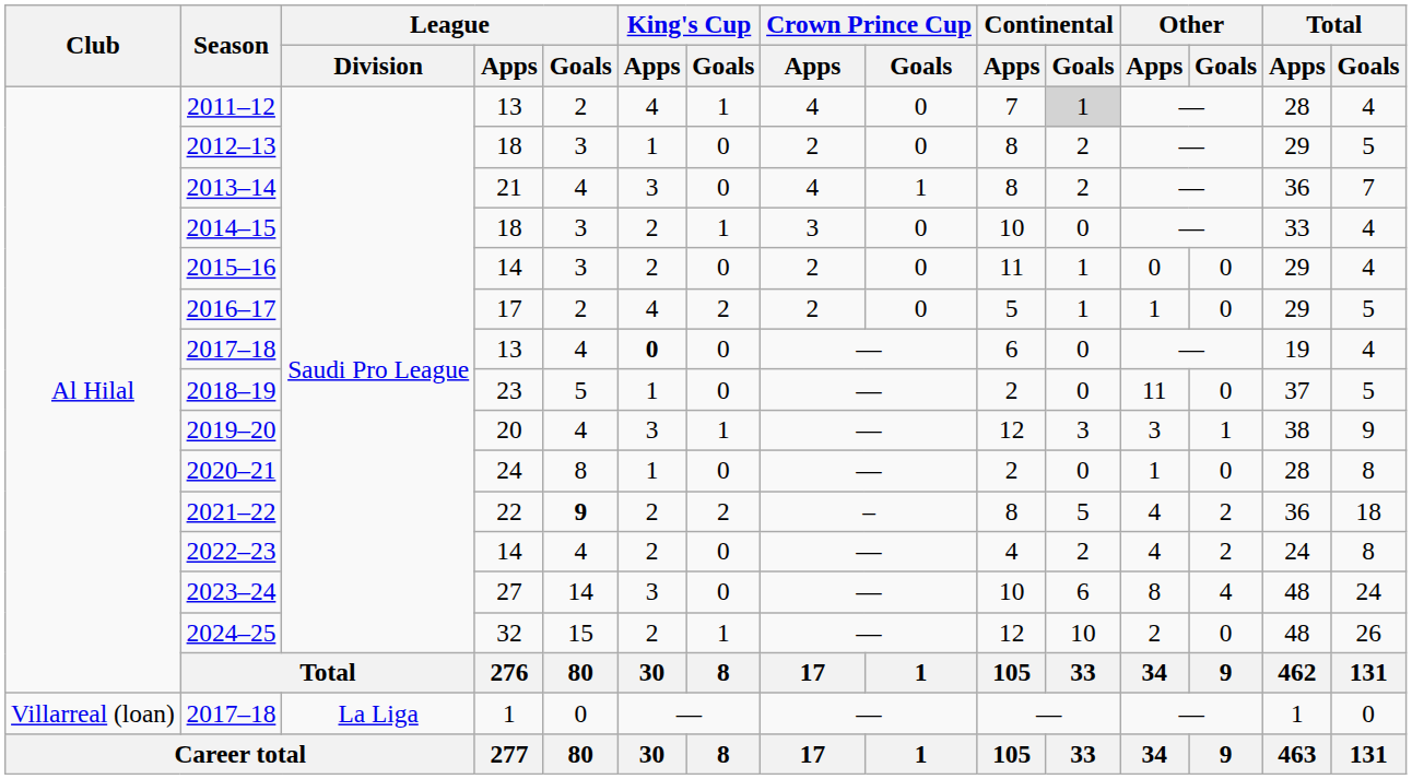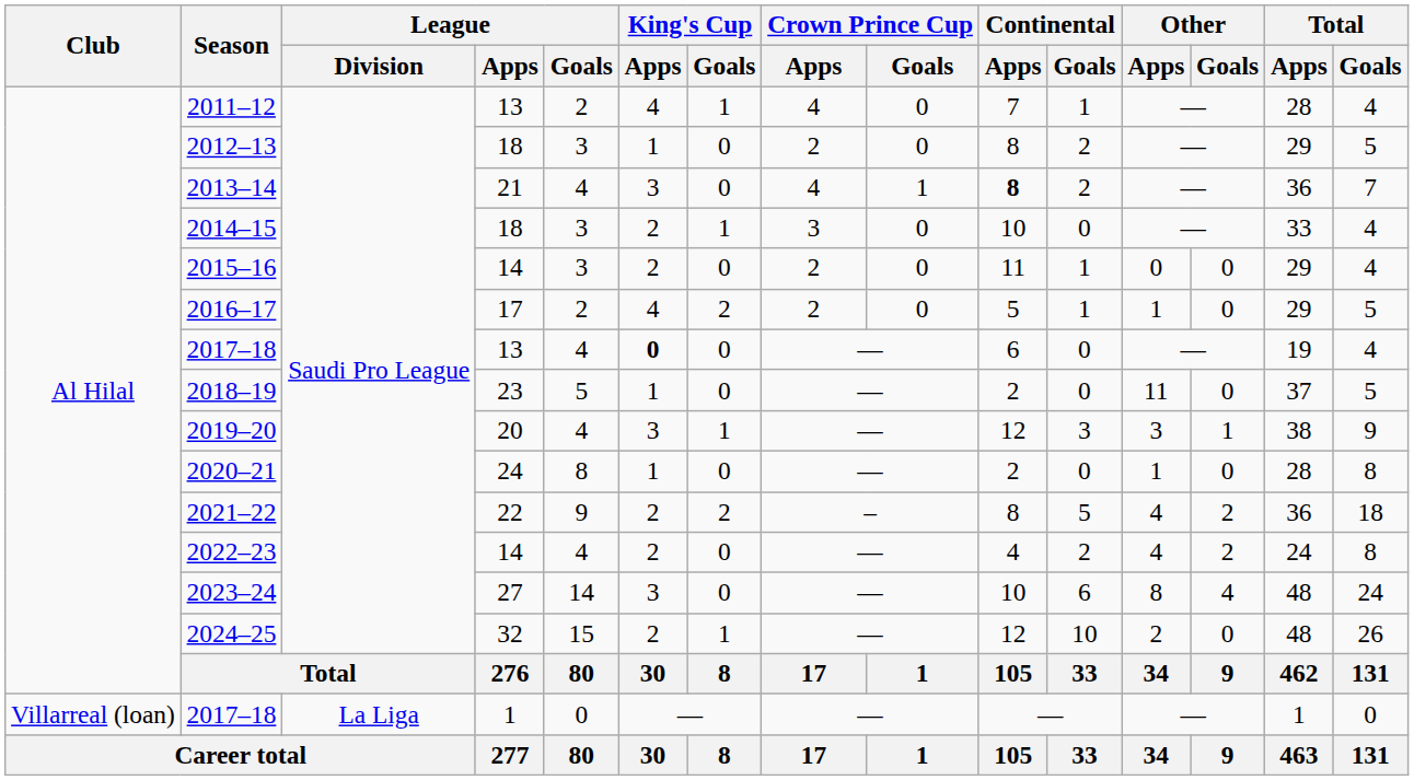 <table class="wikitable" style="text-align: center">
 <tr>
 <th rowspan=2>Club</th>
 <th rowspan=2>Season</th>
 <th colspan=3>League</th>
 <th colspan=2><a href='#'>King's Cup</a></th>
 <th colspan=2><a href='#'>Crown Prince Cup</a></th>
 <th colspan=2>Continental</th>
 <th colspan=2>Other</th>
 <th colspan=2>Total</th>
 </tr>
 <tr>
 <th>Division</th>
 <th>Apps</th>
 <th>Goals</th>
 <th>Apps</th>
 <th>Goals</th>
 <th>Apps</th>
 <th>Goals</th>
 <th>Apps</th>
 <th>Goals</th>
 <th>Apps</th>
 <th>Goals</th>
 <th>Apps</th>
 <th>Goals</th>
 </tr>
 <tr>
 <td rowspan=15><a href='#'>Al Hilal</a></td>
 <td><a href='#'>2011–12</a></td>
 <td rowspan=14><a href='#'>Saudi Pro League</a></td>
 <td>13</td>
 <td>2</td>
 <td>4</td>
 <td>1</td>
 <td>4</td>
 <td>0</td>
 <td>7</td>
-<td style="background: lightgrey;">1</td>
+<td>1</td>
 <td colspan=2>—</td>
 <td>28</td>
 <td>4</td>
 </tr>
 <tr>
 <td><a href='#'>2012–13</a></td>
 <td>18</td>
 <td>3</td>
 <td>1</td>
 <td>0</td>
 <td>2</td>
 <td>0</td>
 <td>8</td>
 <td>2</td>
 <td colspan=2>—</td>
 <td>29</td>
 <td>5</td>
 </tr>
 <tr>
 <td><a href='#'>2013–14</a></td>
 <td>21</td>
 <td>4</td>
 <td>3</td>
 <td>0</td>
 <td>4</td>
 <td>1</td>
-<td>8</td>
+<td><strong>8</strong></td>
 <td>2</td>
 <td colspan=2>—</td>
 <td>36</td>
 <td>7</td>
 </tr>
 <tr>
 <td><a href='#'>2014–15</a></td>
 <td>18</td>
 <td>3</td>
 <td>2</td>
 <td>1</td>
 <td>3</td>
 <td>0</td>
 <td>10</td>
 <td>0</td>
 <td colspan=2>—</td>
 <td>33</td>
 <td>4</td>
 </tr>
 <tr>
 <td><a href='#'>2015–16</a></td>
 <td>14</td>
 <td>3</td>
 <td>2</td>
 <td>0</td>
 <td>2</td>
 <td>0</td>
 <td>11</td>
 <td>1</td>
 <td>0</td>
 <td>0</td>
 <td>29</td>
 <td>4</td>
 </tr>
 <tr>
 <td><a href='#'>2016–17</a></td>
 <td>17</td>
 <td>2</td>
 <td>4</td>
 <td>2</td>
 <td>2</td>
 <td>0</td>
 <td>5</td>
 <td>1</td>
 <td>1</td>
 <td>0</td>
 <td>29</td>
 <td>5</td>
 </tr>
 <tr>
 <td><a href='#'>2017–18</a></td>
 <td>13</td>
 <td>4</td>
 <td><strong>0</strong></td>
 <td>0</td>
 <td colspan=2>—</td>
 <td>6</td>
 <td>0</td>
 <td colspan=2>—</td>
 <td>19</td>
 <td>4</td>
 </tr>
 <tr>
 <td><a href='#'>2018–19</a></td>
 <td>23</td>
 <td>5</td>
 <td>1</td>
 <td>0</td>
 <td colspan=2>—</td>
 <td>2</td>
 <td>0</td>
 <td>11</td>
 <td>0</td>
 <td>37</td>
 <td>5</td>
 </tr>
 <tr>
 <td><a href='#'>2019–20</a></td>
 <td>20</td>
 <td>4</td>
 <td>3</td>
 <td>1</td>
 <td colspan=2>—</td>
 <td>12</td>
 <td>3</td>
 <td>3</td>
 <td>1</td>
 <td>38</td>
 <td>9</td>
 </tr>
 <tr>
 <td><a href='#'>2020–21</a></td>
 <td>24</td>
 <td>8</td>
 <td>1</td>
 <td>0</td>
 <td colspan=2>—</td>
 <td>2</td>
 <td>0</td>
 <td>1</td>
 <td>0</td>
 <td>28</td>
 <td>8</td>
 </tr>
 <tr>
 <td><a href='#'>2021–22</a></td>
 <td>22</td>
-<td><strong>9</strong></td>
+<td>9</td>
 <td>2</td>
 <td>2</td>
 <td colspan=2>–</td>
 <td>8</td>
 <td>5</td>
 <td>4</td>
 <td>2</td>
 <td>36</td>
 <td>18</td>
 </tr>
 <tr>
 <td><a href='#'>2022–23</a></td>
 <td>14</td>
 <td>4</td>
 <td>2</td>
 <td>0</td>
 <td colspan=2>—</td>
 <td>4</td>
 <td>2</td>
 <td>4</td>
 <td>2</td>
 <td>24</td>
 <td>8</td>
 </tr>
 <tr>
 <td><a href='#'>2023–24</a></td>
 <td>27</td>
 <td>14</td>
 <td>3</td>
 <td>0</td>
 <td colspan=2>—</td>
 <td>10</td>
 <td>6</td>
 <td>8</td>
 <td>4</td>
 <td>48</td>
 <td>24</td>
 </tr>
 <tr>
 <td><a href='#'>2024–25</a></td>
 <td>32</td>
 <td>15</td>
 <td>2</td>
 <td>1</td>
 <td colspan=2>—</td>
 <td>12</td>
 <td>10</td>
 <td>2</td>
 <td>0</td>
 <td>48</td>
 <td>26</td>
 </tr>
 <tr>
 <th colspan=2>Total</th>
 <th>276</th>
 <th>80</th>
 <th>30</th>
 <th>8</th>
 <th>17</th>
 <th>1</th>
 <th>105</th>
 <th>33</th>
 <th>34</th>
 <th>9</th>
 <th>462</th>
 <th>131</th>
 </tr>
 <tr>
 <td><a href='#'>Villarreal</a> (loan)</td>
 <td><a href='#'>2017–18</a></td>
 <td><a href='#'>La Liga</a></td>
 <td>1</td>
 <td>0</td>
 <td colspan=2>—</td>
 <td colspan=2>—</td>
 <td colspan=2>—</td>
 <td colspan=2>—</td>
 <td>1</td>
 <td>0</td>
 </tr>
 <tr>
 <th colspan=3>Career total</th>
 <th>277</th>
 <th>80</th>
 <th>30</th>
 <th>8</th>
 <th>17</th>
 <th>1</th>
 <th>105</th>
 <th>33</th>
 <th>34</th>
 <th>9</th>
 <th>463</th>
 <th>131</th>
 </tr>
 </table>
